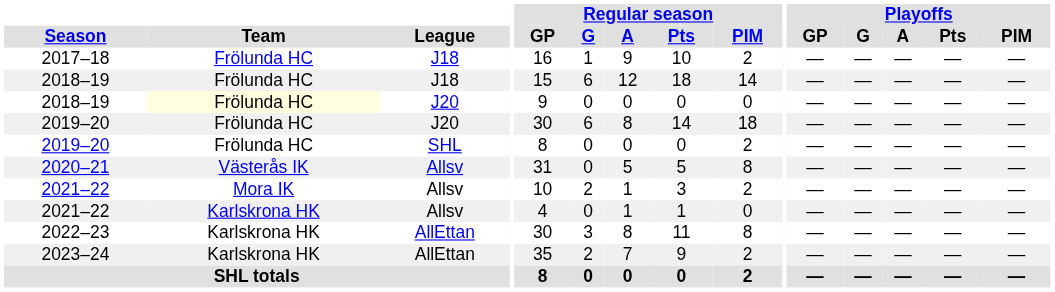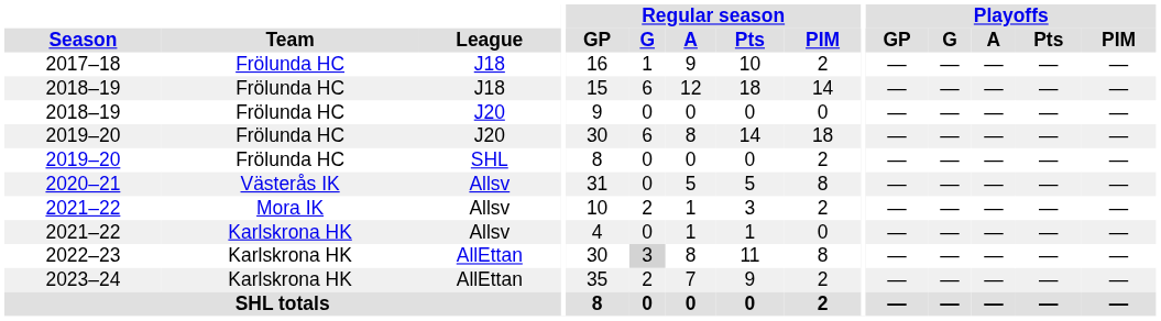 <table border="0" cellpadding="1" cellspacing="0" style="text-align:center; width:60em">
 <tr bgcolor="#e0e0e0">
 <th colspan="3" bgcolor="#ffffff"></th>
 <th rowspan="99" bgcolor="#ffffff"></th>
 <th colspan="5"><a href='#'>Regular season</a></th>
 <th rowspan="99" bgcolor="#ffffff"></th>
 <th colspan="5"><a href='#'>Playoffs</a></th>
 </tr>
 <tr bgcolor="#e0e0e0">
 <th><a href='#'>Season</a></th>
 <th>Team</th>
 <th>League</th>
 <th>GP</th>
 <th><a href='#'>G</a></th>
 <th><a href='#'>A</a></th>
 <th><a href='#'>Pts</a></th>
 <th><a href='#'>PIM</a></th>
 <th>GP</th>
 <th>G</th>
 <th>A</th>
 <th>Pts</th>
 <th>PIM</th>
 </tr>
 <tr>
 <td>2017–18</td>
 <td><a href='#'>Frölunda HC</a></td>
 <td><a href='#'>J18</a></td>
 <td>16</td>
 <td>1</td>
 <td>9</td>
 <td>10</td>
 <td>2</td>
 <td>—</td>
 <td>—</td>
 <td>—</td>
 <td>—</td>
 <td>—</td>
 </tr>
 <tr style="background:#f0f0f0;">
 <td>2018–19</td>
 <td>Frölunda HC</td>
 <td>J18</td>
 <td>15</td>
 <td>6</td>
 <td>12</td>
 <td>18</td>
 <td>14</td>
 <td>—</td>
 <td>—</td>
 <td>—</td>
 <td>—</td>
 <td>—</td>
 </tr>
 <tr>
 <td>2018–19</td>
-<td style="background: lightyellow;">Frölunda HC</td>
+<td>Frölunda HC</td>
 <td><a href='#'>J20</a></td>
 <td>9</td>
 <td>0</td>
 <td>0</td>
 <td>0</td>
 <td>0</td>
 <td>—</td>
 <td>—</td>
 <td>—</td>
 <td>—</td>
 <td>—</td>
 </tr>
 <tr style="background:#f0f0f0;">
 <td>2019–20</td>
 <td>Frölunda HC</td>
 <td>J20</td>
 <td>30</td>
 <td>6</td>
 <td>8</td>
 <td>14</td>
 <td>18</td>
 <td>—</td>
 <td>—</td>
 <td>—</td>
 <td>—</td>
 <td>—</td>
 </tr>
 <tr>
 <td><a href='#'>2019–20</a></td>
 <td>Frölunda HC</td>
 <td><a href='#'>SHL</a></td>
 <td>8</td>
 <td>0</td>
 <td>0</td>
 <td>0</td>
 <td>2</td>
 <td>—</td>
 <td>—</td>
 <td>—</td>
 <td>—</td>
 <td>—</td>
 </tr>
 <tr style="background:#f0f0f0;">
 <td><a href='#'>2020–21</a></td>
 <td><a href='#'>Västerås IK</a></td>
 <td><a href='#'>Allsv</a></td>
 <td>31</td>
 <td>0</td>
 <td>5</td>
 <td>5</td>
 <td>8</td>
 <td>—</td>
 <td>—</td>
 <td>—</td>
 <td>—</td>
 <td>—</td>
 </tr>
 <tr>
 <td><a href='#'>2021–22</a></td>
 <td><a href='#'>Mora IK</a></td>
 <td>Allsv</td>
 <td>10</td>
 <td>2</td>
 <td>1</td>
 <td>3</td>
 <td>2</td>
 <td>—</td>
 <td>—</td>
 <td>—</td>
 <td>—</td>
 <td>—</td>
 </tr>
 <tr style="background:#f0f0f0;">
 <td>2021–22</td>
 <td><a href='#'>Karlskrona HK</a></td>
 <td>Allsv</td>
 <td>4</td>
 <td>0</td>
 <td>1</td>
 <td>1</td>
 <td>0</td>
 <td>—</td>
 <td>—</td>
 <td>—</td>
 <td>—</td>
 <td>—</td>
 </tr>
 <tr>
 <td>2022–23</td>
 <td>Karlskrona HK</td>
 <td><a href='#'>AllEttan</a></td>
 <td>30</td>
-<td>3</td>
+<td style="background: lightgrey;">3</td>
 <td>8</td>
 <td>11</td>
 <td>8</td>
 <td>—</td>
 <td>—</td>
 <td>—</td>
 <td>—</td>
 <td>—</td>
 </tr>
 <tr style="background:#f0f0f0;">
 <td>2023–24</td>
 <td>Karlskrona HK</td>
 <td>AllEttan</td>
 <td>35</td>
 <td>2</td>
 <td>7</td>
 <td>9</td>
 <td>2</td>
 <td>—</td>
 <td>—</td>
 <td>—</td>
 <td>—</td>
 <td>—</td>
 </tr>
 <tr bgcolor="#e0e0e0">
 <th colspan="3">SHL totals</th>
 <th>8</th>
 <th>0</th>
 <th>0</th>
 <th>0</th>
 <th>2</th>
 <th>—</th>
 <th>—</th>
 <th>—</th>
 <th>—</th>
 <th>—</th>
 </tr>
 </table>
